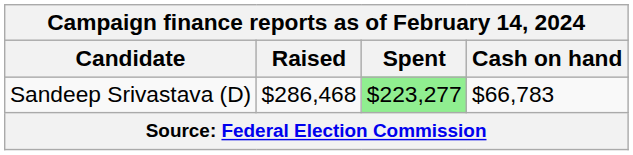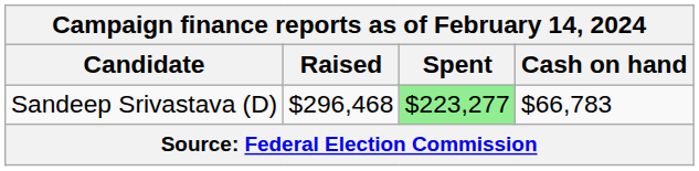 <table class="wikitable sortable">
 <tr>
 <th colspan=4>Campaign finance reports as of February 14, 2024</th>
 </tr>
 <tr style="text-align:center;">
 <th>Candidate</th>
 <th>Raised</th>
 <th>Spent</th>
 <th>Cash on hand</th>
 </tr>
 <tr>
 <td style="color:black;background-color:">Sandeep Srivastava (D)</td>
-<td>$286,468</td>
+<td>$296,468</td>
 <td style="background: lightgreen;">$223,277</td>
 <td>$66,783</td>
 </tr>
 <tr>
 <th colspan="4"><small>Source: <a href='#'>Federal Election Commission</a></small></th>
 </tr>
 </table>
